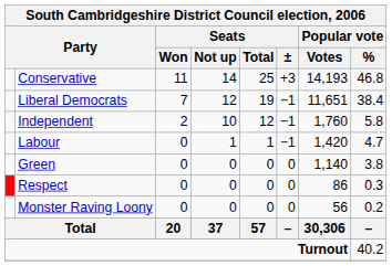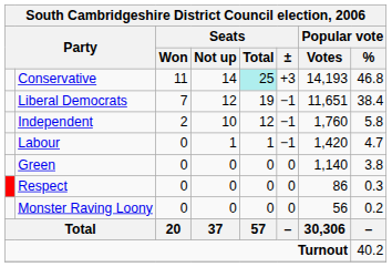 <table class="wikitable">
 <tr>
 <th colspan="8"><strong>South Cambridgeshire District Council election, 2006</strong></th>
 </tr>
 <tr>
 <th rowspan="2" colspan="2">Party</th>
 <th colspan="4">Seats</th>
 <th colspan="2">Popular vote</th>
 </tr>
 <tr>
 <th>Won</th>
 <th>Not up</th>
 <th>Total</th>
 <th>±</th>
 <th>Votes</th>
 <th>%</th>
 </tr>
 <tr>
 <td style="background-color: "> </td>
 <td><a href='#'>Conservative</a></td>
 <td align=right>11</td>
 <td align=right>14</td>
-<td align=right>25</td>
+<td align=right style="background: paleturquoise;">25</td>
 <td align=right>+3</td>
 <td align=right>14,193</td>
 <td align=right>46.8</td>
 </tr>
 <tr>
 <td style="background-color: "> </td>
 <td><a href='#'>Liberal Democrats</a></td>
 <td align=right>7</td>
 <td align=right>12</td>
 <td align=right>19</td>
 <td align=right>−1</td>
 <td align=right>11,651</td>
 <td align=right>38.4</td>
 </tr>
 <tr>
 <td style="background-color: "> </td>
 <td><a href='#'>Independent</a></td>
 <td align=right>2</td>
 <td align=right>10</td>
 <td align=right>12</td>
 <td align=right>−1</td>
 <td align=right>1,760</td>
 <td align=right>5.8</td>
 </tr>
 <tr>
 <td style="background-color: "> </td>
 <td><a href='#'>Labour</a></td>
 <td align=right>0</td>
 <td align=right>1</td>
 <td align=right>1</td>
 <td align=right>−1</td>
 <td align=right>1,420</td>
 <td align=right>4.7</td>
 </tr>
 <tr>
 <td style="background-color: "> </td>
 <td><a href='#'>Green</a></td>
 <td align=right>0</td>
 <td align=right>0</td>
 <td align=right>0</td>
 <td align=right>0</td>
 <td align=right>1,140</td>
 <td align=right>3.8</td>
 </tr>
 <tr>
 <td style="background-color: #ff0000"> </td>
 <td><a href='#'>Respect</a></td>
 <td align=right>0</td>
 <td align=right>0</td>
 <td align=right>0</td>
 <td align=right>0</td>
 <td align=right>86</td>
 <td align=right>0.3</td>
 </tr>
 <tr>
 <td style="background-color: "> </td>
 <td><a href='#'>Monster Raving Loony</a></td>
 <td align=right>0</td>
 <td align=right>0</td>
 <td align=right>0</td>
 <td align=right>0</td>
 <td align=right>56</td>
 <td align=right>0.2</td>
 </tr>
 <tr>
 <th colspan="2">Total</th>
 <th align=right>20</th>
 <th align=right>37</th>
 <th align=right>57</th>
 <th align=right>–</th>
 <th align=right>30,306</th>
 <th align=right>–</th>
 </tr>
 <tr>
 <td colspan="7" align=right><strong>Turnout</strong></td>
 <td align=right>40.2</td>
 </tr>
 <tr>
 </tr>
 </table>
